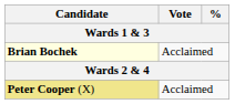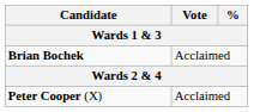 <table class="wikitable">
 <tr>
 <th bgcolor="#DDDDFF" width="200px">Candidate</th>
 <th bgcolor="#DDDDFF" width="50px">Vote</th>
 <th bgcolor="#DDDDFF" width="30px">%</th>
 </tr>
 <tr>
 <th colspan="3">Wards 1 & 3</th>
 </tr>
 <tr>
-<td style="background: lightyellow;"><strong>Brian Bochek</strong></td>
+<td><strong>Brian Bochek</strong></td>
 <td colspan="2">Acclaimed</td>
 </tr>
 <tr>
 <th colspan="3">Wards 2 & 4</th>
 </tr>
 <tr>
-<td style="background: khaki;"><strong>Peter Cooper</strong> (X)</td>
+<td><strong>Peter Cooper</strong> (X)</td>
 <td colspan="2">Acclaimed</td>
 </tr>
 </table>
